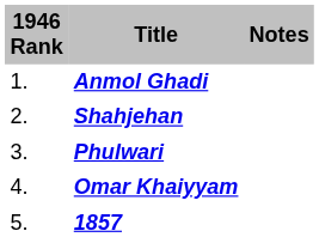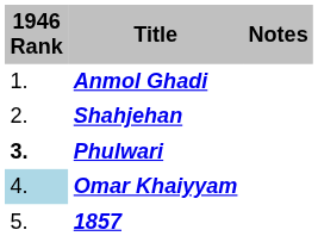 <table cellspacing="0" cellpadding="4" border="0">
 <tr style="background:silver; text-align:center;">
 <td><strong>1946</strong><br><strong>Rank</strong></td>
 <td><strong>Title</strong></td>
 <td><strong>Notes</strong></td>
 </tr>
 <tr>
 <td>1.</td>
 <td><strong><em><a href='#'>Anmol Ghadi</a></em></strong></td>
 <td></td>
 </tr>
 <tr>
 <td>2.</td>
 <td><strong><em><a href='#'>Shahjehan</a></em></strong></td>
 <td></td>
 </tr>
 <tr>
-<td>3.</td>
+<td><strong>3.</strong></td>
 <td><strong><em><a href='#'>Phulwari</a></em></strong></td>
 <td></td>
 </tr>
 <tr>
-<td>4.</td>
+<td style="background: lightblue;">4.</td>
 <td><strong><em><a href='#'>Omar Khaiyyam</a></em></strong></td>
 <td></td>
 </tr>
 <tr>
 <td>5.</td>
 <td><strong><em><a href='#'>1857</a></em></strong></td>
 <td></td>
 <td></td>
 </tr>
 </table>
